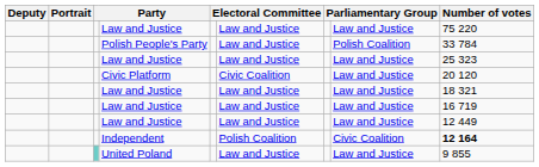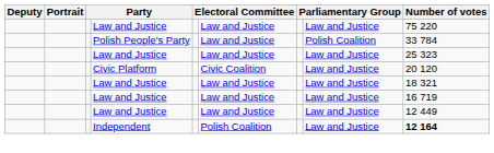 <table class="wikitable sortable" style="font-size:95%;line-height:14px;">
 <tr>
 <th>Deputy</th>
 <th>Portrait</th>
 <th colspan="2">Party</th>
 <th colspan="2">Electoral Committee</th>
 <th colspan="2">Parliamentary Group</th>
 <th>Number of votes</th>
 </tr>
 <tr>
 <td></td>
 <td></td>
 <td style="background:"></td>
 <td><a href='#'>Law and Justice</a></td>
 <td style="background:"></td>
 <td><a href='#'>Law and Justice</a></td>
 <td style="background:"></td>
 <td><a href='#'>Law and Justice</a></td>
 <td>75 220</td>
 </tr>
 <tr>
 <td></td>
 <td></td>
 <td style="background:"></td>
 <td><a href='#'>Polish People's Party</a></td>
 <td style="background:"></td>
 <td><a href='#'>Law and Justice</a></td>
 <td style="background:"></td>
 <td><a href='#'>Polish Coalition</a></td>
 <td>33 784</td>
 </tr>
 <tr>
 <td></td>
 <td></td>
 <td style="background:"></td>
 <td><a href='#'>Law and Justice</a></td>
 <td style="background:"></td>
 <td><a href='#'>Law and Justice</a></td>
 <td style="background:"></td>
 <td><a href='#'>Law and Justice</a></td>
 <td>25 323</td>
 </tr>
 <tr>
 <td></td>
 <td></td>
 <td style="background:"></td>
 <td><a href='#'>Civic Platform</a></td>
 <td style="background:"></td>
 <td><a href='#'>Civic Coalition</a></td>
 <td style="background:"></td>
 <td><a href='#'>Law and Justice</a></td>
 <td>20 120</td>
 </tr>
 <tr>
 <td></td>
 <td></td>
 <td style="background:"></td>
 <td><a href='#'>Law and Justice</a></td>
 <td style="background:"></td>
 <td><a href='#'>Law and Justice</a></td>
 <td style="background:"></td>
 <td><a href='#'>Law and Justice</a></td>
 <td>18 321</td>
 </tr>
 <tr>
 <td></td>
 <td></td>
 <td style="background:"></td>
 <td><a href='#'>Law and Justice</a></td>
 <td style="background:"></td>
 <td><a href='#'>Law and Justice</a></td>
 <td style="background:"></td>
 <td><a href='#'>Law and Justice</a></td>
 <td>16 719</td>
 </tr>
 <tr>
 <td></td>
 <td></td>
 <td style="background:"></td>
 <td><a href='#'>Law and Justice</a></td>
 <td style="background:"></td>
 <td><a href='#'>Law and Justice</a></td>
 <td style="background:"></td>
 <td><a href='#'>Law and Justice</a></td>
 <td>12 449</td>
 </tr>
 <tr>
 <td></td>
 <td></td>
 <td style="background:"></td>
 <td><a href='#'>Independent</a></td>
 <td style="background:"></td>
 <td><a href='#'>Polish Coalition</a></td>
 <td style="background:"></td>
-<td><a href='#'>Civic Coalition</a></td>
+<td><a href='#'>Law and Justice</a></td>
 <td><strong>12 164</strong></td>
 </tr>
-<tr>
-<td></td>
-<td></td>
-<td style="background:#6acec8;"></td>
-<td><a href='#'>United Poland</a></td>
-<td style="background:"></td>
-<td><a href='#'>Law and Justice</a></td>
-<td style="background:"></td>
-<td><a href='#'>Law and Justice</a></td>
-<td>9 855</td>
-</tr>
 </table>
